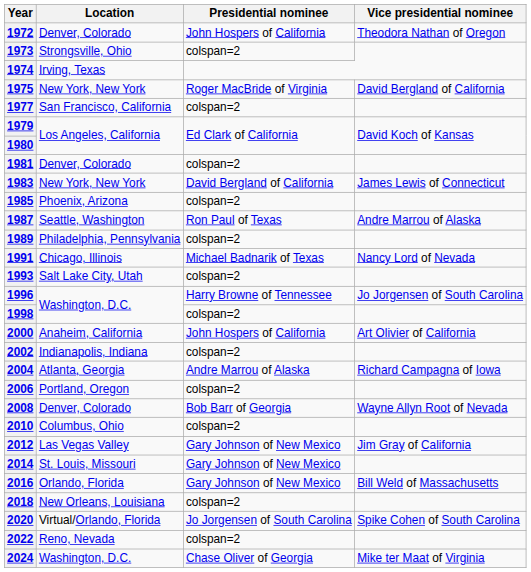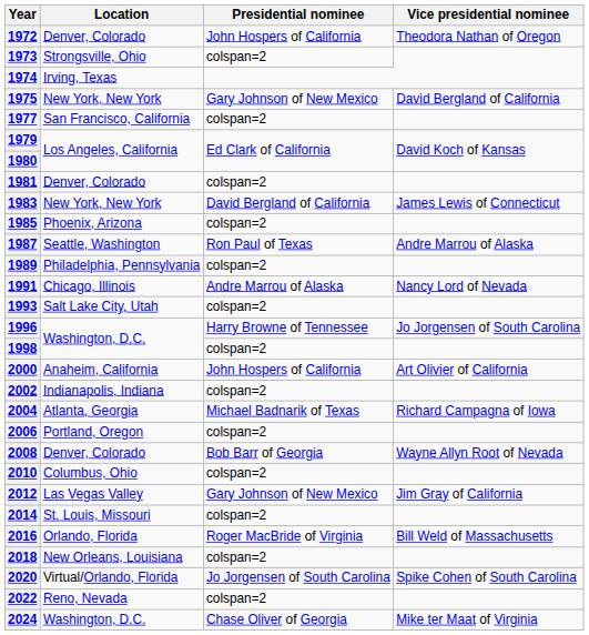 <table class="wikitable">
 <tr>
 <th scope="col">Year</th>
 <th scope="col">Location</th>
 <th scope="col">Presidential nominee</th>
 <th scope="col">Vice presidential nominee</th>
 </tr>
 <tr>
 <th scope="row"><a href='#'>1972</a></th>
 <td><a href='#'>Denver, Colorado</a></td>
 <td><a href='#'>John Hospers</a> of <a href='#'>California</a></td>
 <td><a href='#'>Theodora Nathan</a> of <a href='#'>Oregon</a></td>
 </tr>
 <tr>
 <th scope="row"><a href='#'>1973</a></th>
 <td><a href='#'>Strongsville, Ohio</a></td>
 <td>colspan=2 </td>
 </tr>
 <tr>
 <th scope="row"><a href='#'>1974</a></th>
 <td><a href='#'>Irving, Texas</a></td>
 </tr>
 <tr>
 <th scope="row"><a href='#'>1975</a></th>
 <td><a href='#'>New York, New York</a></td>
-<td><a href='#'>Roger MacBride</a> of <a href='#'>Virginia</a></td>
+<td><a href='#'>Gary Johnson</a> of <a href='#'>New Mexico</a></td>
 <td><a href='#'>David Bergland</a> of <a href='#'>California</a></td>
 </tr>
 <tr>
 <th scope="row"><a href='#'>1977</a></th>
 <td><a href='#'>San Francisco, California</a></td>
 <td>colspan=2 </td>
 </tr>
 <tr>
 <th scope="row"><a href='#'>1979</a></th>
 <td rowspan=2><a href='#'>Los Angeles, California</a></td>
 <td rowspan=2><a href='#'>Ed Clark</a> of <a href='#'>California</a></td>
 <td rowspan=2><a href='#'>David Koch</a> of <a href='#'>Kansas</a></td>
 </tr>
 <tr>
 <th scope="row"><a href='#'>1980</a></th>
 </tr>
 <tr>
 <th scope="row"><a href='#'>1981</a></th>
 <td><a href='#'>Denver, Colorado</a></td>
 <td>colspan=2 </td>
 </tr>
 <tr>
 <th scope="row"><a href='#'>1983</a></th>
 <td><a href='#'>New York, New York</a></td>
 <td><a href='#'>David Bergland</a> of <a href='#'>California</a></td>
 <td><a href='#'>James Lewis</a> of <a href='#'>Connecticut</a></td>
 </tr>
 <tr>
 <th scope="row"><a href='#'>1985</a></th>
 <td><a href='#'>Phoenix, Arizona</a></td>
 <td>colspan=2 </td>
 </tr>
 <tr>
 <th scope="row"><a href='#'>1987</a></th>
 <td><a href='#'>Seattle, Washington</a></td>
 <td><a href='#'>Ron Paul</a> of <a href='#'>Texas</a></td>
 <td><a href='#'>Andre Marrou</a> of <a href='#'>Alaska</a></td>
 </tr>
 <tr>
 <th scope="row"><a href='#'>1989</a></th>
 <td><a href='#'>Philadelphia, Pennsylvania</a></td>
 <td>colspan=2 </td>
 </tr>
 <tr>
 <th scope="row"><a href='#'>1991</a></th>
 <td><a href='#'>Chicago, Illinois</a></td>
-<td><a href='#'>Michael Badnarik</a> of <a href='#'>Texas</a></td>
+<td><a href='#'>Andre Marrou</a> of <a href='#'>Alaska</a></td>
 <td><a href='#'>Nancy Lord</a> of <a href='#'>Nevada</a></td>
 </tr>
 <tr>
 <th scope="row"><a href='#'>1993</a></th>
 <td><a href='#'>Salt Lake City, Utah</a></td>
 <td>colspan=2 </td>
 </tr>
 <tr>
 <th scope="row"><a href='#'>1996</a></th>
 <td rowspan=2><a href='#'>Washington, D.C.</a></td>
 <td><a href='#'>Harry Browne</a> of <a href='#'>Tennessee</a></td>
 <td><a href='#'>Jo Jorgensen</a> of <a href='#'>South Carolina</a></td>
 </tr>
 <tr>
 <th scope="row"><a href='#'>1998</a></th>
 <td>colspan=2 </td>
 </tr>
 <tr>
 <th scope="row"><a href='#'>2000</a></th>
 <td><a href='#'>Anaheim, California</a></td>
 <td><a href='#'>John Hospers</a> of <a href='#'>California</a></td>
 <td><a href='#'>Art Olivier</a> of <a href='#'>California</a></td>
 </tr>
 <tr>
 <th scope="row"><a href='#'>2002</a></th>
 <td><a href='#'>Indianapolis, Indiana</a></td>
 <td>colspan=2 </td>
 </tr>
 <tr>
 <th scope="row"><a href='#'>2004</a></th>
 <td><a href='#'>Atlanta, Georgia</a></td>
-<td><a href='#'>Andre Marrou</a> of <a href='#'>Alaska</a></td>
+<td><a href='#'>Michael Badnarik</a> of <a href='#'>Texas</a></td>
 <td><a href='#'>Richard Campagna</a> of <a href='#'>Iowa</a></td>
 </tr>
 <tr>
 <th scope="row"><a href='#'>2006</a></th>
 <td><a href='#'>Portland, Oregon</a></td>
 <td>colspan=2 </td>
 </tr>
 <tr>
 <th scope="row"><a href='#'>2008</a></th>
 <td><a href='#'>Denver, Colorado</a></td>
 <td><a href='#'>Bob Barr</a> of <a href='#'>Georgia</a></td>
 <td><a href='#'>Wayne Allyn Root</a> of <a href='#'>Nevada</a></td>
 </tr>
 <tr>
 <th scope="row"><a href='#'>2010</a></th>
 <td><a href='#'>Columbus, Ohio</a></td>
 <td>colspan=2 </td>
 </tr>
 <tr>
 <th scope="row"><a href='#'>2012</a></th>
 <td><a href='#'>Las Vegas Valley</a></td>
 <td><a href='#'>Gary Johnson</a> of <a href='#'>New Mexico</a></td>
 <td><a href='#'>Jim Gray</a> of <a href='#'>California</a></td>
 </tr>
 <tr>
 <th scope="row"><a href='#'>2014</a></th>
 <td><a href='#'>St. Louis, Missouri</a></td>
-<td><a href='#'>Gary Johnson</a> of <a href='#'>New Mexico</a></td>
+<td>colspan=2 </td>
 </tr>
 <tr>
 <th scope="row"><a href='#'>2016</a></th>
 <td><a href='#'>Orlando, Florida</a></td>
-<td><a href='#'>Gary Johnson</a> of <a href='#'>New Mexico</a></td>
+<td><a href='#'>Roger MacBride</a> of <a href='#'>Virginia</a></td>
 <td><a href='#'>Bill Weld</a> of <a href='#'>Massachusetts</a></td>
 </tr>
 <tr>
 <th scope="row"><a href='#'>2018</a></th>
 <td><a href='#'>New Orleans, Louisiana</a></td>
 <td>colspan=2 </td>
 </tr>
 <tr>
 <th scope="row"><a href='#'>2020</a></th>
 <td>Virtual/<a href='#'>Orlando, Florida</a></td>
 <td><a href='#'>Jo Jorgensen</a> of <a href='#'>South Carolina</a></td>
 <td><a href='#'>Spike Cohen</a> of <a href='#'>South Carolina</a></td>
 </tr>
 <tr>
 <th scope="row"><a href='#'>2022</a></th>
 <td><a href='#'>Reno, Nevada</a></td>
 <td>colspan=2 </td>
 </tr>
 <tr>
 <th scope="row"><a href='#'>2024</a></th>
 <td><a href='#'>Washington, D.C.</a></td>
 <td><a href='#'>Chase Oliver</a> of <a href='#'>Georgia</a></td>
 <td><a href='#'>Mike ter Maat</a> of <a href='#'>Virginia</a></td>
 </tr>
 </table>
